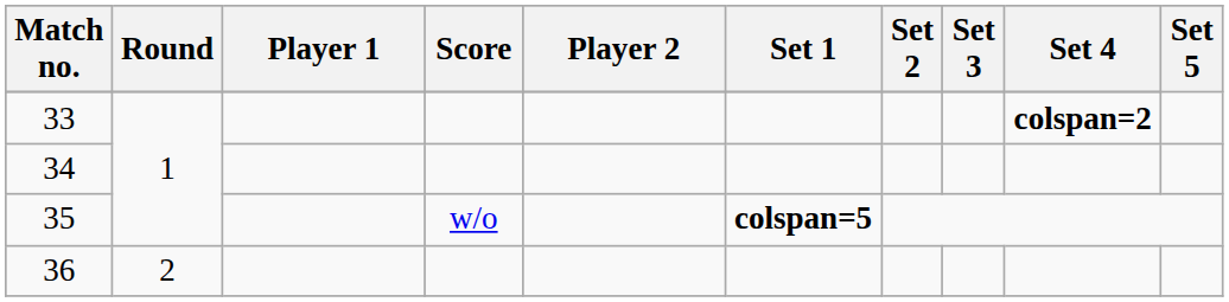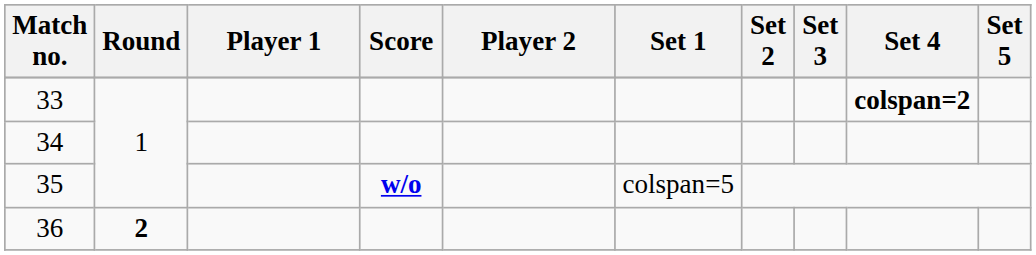 <table class="wikitable" style="text-align: center;">
 <tr>
 <th width="2%">Match no.</th>
 <th width="2%">Round</th>
 <th width="15%">Player 1</th>
 <th width="5%">Score</th>
 <th width="15%">Player 2</th>
 <th width="3%">Set 1</th>
 <th width="3%">Set 2</th>
 <th width="3%">Set 3</th>
 <th width="3%">Set 4</th>
 <th width="3%">Set 5</th>
 </tr>
 <tr>
 </tr>
 <tr style=text-align:center;>
 <td>33</td>
 <td rowspan=3>1</td>
 <td></td>
 <td></td>
 <td></td>
 <td></td>
 <td></td>
 <td></td>
 <td><strong>colspan=2</strong></td>
 </tr>
 <tr style=text-align:center;>
 <td>34</td>
 <td></td>
 <td></td>
 <td></td>
 <td></td>
 <td></td>
 <td></td>
 <td></td>
 <td></td>
 </tr>
 <tr style=text-align:center;>
 <td>35</td>
 <td></td>
-<td><a href='#'>w/o</a></td>
+<td><strong><a href='#'>w/o</a></strong></td>
 <td></td>
-<td><strong>colspan=5</strong></td>
+<td>colspan=5</td>
 </tr>
 <tr style=text-align:center;>
 <td>36</td>
-<td>2</td>
+<td><strong>2</strong></td>
 <td></td>
 <td></td>
 <td></td>
 <td></td>
 <td></td>
 <td></td>
 <td></td>
 <td></td>
 </tr>
 </table>
